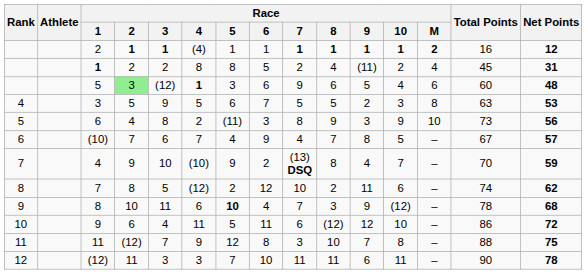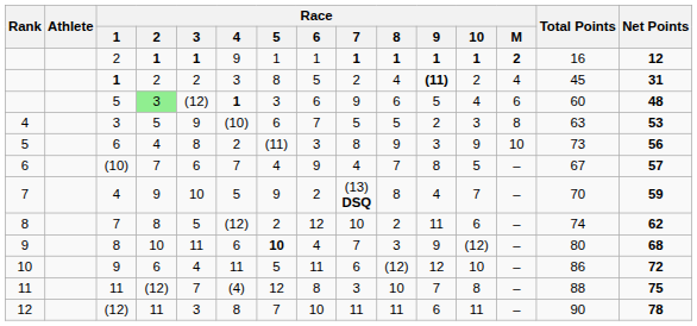 <table class="wikitable" style="text-align:center">
 <tr>
 <th rowspan="2">Rank</th>
 <th rowspan="2">Athlete</th>
 <th colspan="11">Race</th>
 <th rowspan="2">Total Points</th>
 <th rowspan="2">Net Points</th>
 </tr>
 <tr>
 <th width=40>1</th>
 <th width=40>2</th>
 <th width=40>3</th>
 <th width=40>4</th>
 <th width=40>5</th>
 <th width=40>6</th>
 <th width=40>7</th>
 <th width=40>8</th>
 <th width=40>9</th>
 <th width=40>10</th>
 <th width=40>M</th>
 </tr>
 <tr>
 <td></td>
 <td align=left></td>
 <td>2</td>
 <td><strong>1</strong></td>
 <td><strong>1</strong></td>
-<td>(4)</td>
+<td>9</td>
 <td>1</td>
 <td>1</td>
 <td><strong>1</strong></td>
 <td><strong>1</strong></td>
 <td><strong>1</strong></td>
 <td><strong>1</strong></td>
 <td><strong>2</strong></td>
 <td align="center">16</td>
 <td align="center"><strong>12</strong></td>
 </tr>
 <tr>
 <td></td>
 <td align=left></td>
 <td><strong>1</strong></td>
 <td>2</td>
 <td>2</td>
-<td>8</td>
+<td>3</td>
 <td>8</td>
 <td>5</td>
 <td>2</td>
 <td>4</td>
-<td>(11)</td>
+<td><strong>(11)</strong></td>
 <td>2</td>
 <td>4</td>
 <td align="center">45</td>
 <td align="center"><strong>31</strong></td>
 </tr>
 <tr>
 <td></td>
 <td align=left></td>
 <td>5</td>
 <td style="background: lightgreen;">3</td>
 <td>(12)</td>
 <td><strong>1</strong></td>
 <td>3</td>
 <td>6</td>
 <td>9</td>
 <td>6</td>
 <td>5</td>
 <td>4</td>
 <td>6</td>
 <td align="center">60</td>
 <td align="center"><strong>48</strong></td>
 </tr>
 <tr>
 <td>4</td>
 <td align=left></td>
 <td>3</td>
 <td>5</td>
 <td>9</td>
-<td>5</td>
+<td>(10)</td>
 <td>6</td>
 <td>7</td>
 <td>5</td>
 <td>5</td>
 <td>2</td>
 <td>3</td>
 <td>8</td>
 <td align="center">63</td>
 <td align="center"><strong>53</strong></td>
 </tr>
 <tr>
 <td>5</td>
 <td align=left></td>
 <td>6</td>
 <td>4</td>
 <td>8</td>
 <td>2</td>
 <td>(11)</td>
 <td>3</td>
 <td>8</td>
 <td>9</td>
 <td>3</td>
 <td>9</td>
 <td>10</td>
 <td align="center">73</td>
 <td align="center"><strong>56</strong></td>
 </tr>
 <tr>
 <td>6</td>
 <td align=left></td>
 <td>(10)</td>
 <td>7</td>
 <td>6</td>
 <td>7</td>
 <td>4</td>
 <td>9</td>
 <td>4</td>
 <td>7</td>
 <td>8</td>
 <td>5</td>
 <td>–</td>
 <td align="center">67</td>
 <td align="center"><strong>57</strong></td>
 </tr>
 <tr>
 <td>7</td>
 <td align=left></td>
 <td>4</td>
 <td>9</td>
 <td>10</td>
-<td>(10)</td>
+<td>5</td>
 <td>9</td>
 <td>2</td>
 <td>(13)<br><strong>DSQ</strong></td>
 <td>8</td>
 <td>4</td>
 <td>7</td>
 <td>–</td>
 <td align="center">70</td>
 <td align="center"><strong>59</strong></td>
 </tr>
 <tr>
 <td>8</td>
 <td align=left></td>
 <td>7</td>
 <td>8</td>
 <td>5</td>
 <td>(12)</td>
 <td>2</td>
 <td>12</td>
 <td>10</td>
 <td>2</td>
 <td>11</td>
 <td>6</td>
 <td>–</td>
 <td align="center">74</td>
 <td align="center"><strong>62</strong></td>
 </tr>
 <tr>
 <td>9</td>
 <td align=left></td>
 <td>8</td>
 <td>10</td>
 <td>11</td>
 <td>6</td>
 <td><strong>10</strong></td>
 <td>4</td>
 <td>7</td>
 <td>3</td>
 <td>9</td>
 <td>(12)</td>
 <td>–</td>
-<td align="center">78</td>
+<td align="center">80</td>
 <td align="center"><strong>68</strong></td>
 </tr>
 <tr>
 <td>10</td>
 <td align=left></td>
 <td>9</td>
 <td>6</td>
 <td>4</td>
 <td>11</td>
 <td>5</td>
 <td>11</td>
 <td>6</td>
 <td>(12)</td>
 <td>12</td>
 <td>10</td>
 <td>–</td>
 <td align="center">86</td>
 <td align="center"><strong>72</strong></td>
 </tr>
 <tr>
 <td>11</td>
 <td align=left></td>
 <td>11</td>
 <td>(12)</td>
 <td>7</td>
-<td>9</td>
+<td>(4)</td>
 <td>12</td>
 <td>8</td>
 <td>3</td>
 <td>10</td>
 <td>7</td>
 <td>8</td>
 <td>–</td>
 <td align="center">88</td>
 <td align="center"><strong>75</strong></td>
 </tr>
 <tr>
 <td>12</td>
 <td align=left></td>
 <td>(12)</td>
 <td>11</td>
 <td>3</td>
-<td>3</td>
+<td>8</td>
 <td>7</td>
 <td>10</td>
 <td>11</td>
 <td>11</td>
 <td>6</td>
 <td>11</td>
 <td>–</td>
 <td align="center">90</td>
 <td align="center"><strong>78</strong></td>
 </tr>
 </table>
